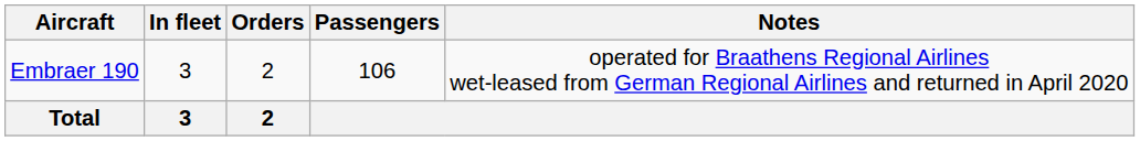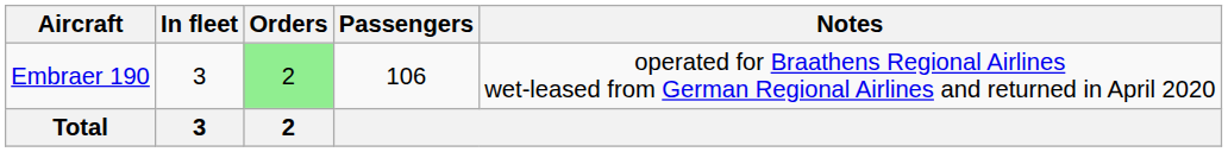 <table class="wikitable">
 <tr>
 <th>Aircraft</th>
 <th>In fleet</th>
 <th>Orders</th>
 <th>Passengers</th>
 <th>Notes</th>
 </tr>
 <tr>
 <td><a href='#'>Embraer 190</a></td>
 <td align="center">3</td>
-<td align="center">2</td>
+<td align="center" style="background: lightgreen;">2</td>
 <td align="center">106</td>
 <td align="center">operated for <a href='#'>Braathens Regional Airlines</a><br>wet-leased from <a href='#'>German Regional Airlines</a> and returned in April 2020</td>
 </tr>
 <tr>
 <th>Total</th>
 <th>3</th>
 <th>2</th>
 <th colspan="2"></th>
 </tr>
 </table>
